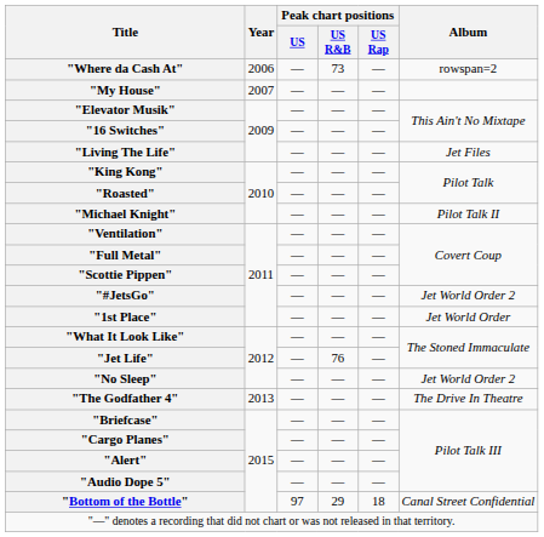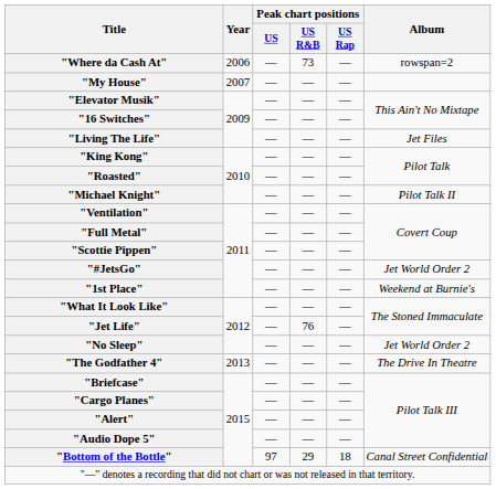 <table class="wikitable plainrowheaders" style="text-align:center;">
 <tr>
 <th scope="col" rowspan="2" style="width:18em;">Title</th>
 <th scope="col" rowspan="2">Year</th>
 <th scope="col" colspan="3">Peak chart positions</th>
 <th scope="col" rowspan="2">Album</th>
 </tr>
 <tr>
 <th scope="col" style="width:3em;font-size:90%;"><a href='#'>US</a><br></th>
 <th scope="col" style="width:3em;font-size:90%;"><a href='#'>US R&B</a><br></th>
 <th scope="col" style="width:3em;font-size:90%;"><a href='#'>US Rap</a><br></th>
 </tr>
 <tr>
 <th scope="row">"Where da Cash At"<br></th>
 <td>2006</td>
 <td>—</td>
 <td>73</td>
 <td>—</td>
 <td>rowspan=2 </td>
 </tr>
 <tr>
 <th scope="row">"My House"<br></th>
 <td>2007</td>
 <td>—</td>
 <td>—</td>
 <td>—</td>
 </tr>
 <tr>
 <th scope="row">"Elevator Musik"</th>
 <td rowspan="3">2009</td>
 <td>—</td>
 <td>—</td>
 <td>—</td>
 <td rowspan="2"><em>This Ain't No Mixtape</em></td>
 </tr>
 <tr>
 <th scope="row">"16 Switches"</th>
 <td>—</td>
 <td>—</td>
 <td>—</td>
 </tr>
 <tr>
 <th scope="row">"Living The Life"</th>
 <td>—</td>
 <td>—</td>
 <td>—</td>
 <td><em>Jet Files</em></td>
 </tr>
 <tr>
 <th scope="row">"King Kong"</th>
 <td rowspan="3">2010</td>
 <td>—</td>
 <td>—</td>
 <td>—</td>
 <td rowspan="2"><em>Pilot Talk</em></td>
 </tr>
 <tr>
 <th scope="row">"Roasted"</th>
 <td>—</td>
 <td>—</td>
 <td>—</td>
 </tr>
 <tr>
 <th scope="row">"Michael Knight"</th>
 <td>—</td>
 <td>—</td>
 <td>—</td>
 <td><em>Pilot Talk II</em></td>
 </tr>
 <tr>
 <th scope="row">"Ventilation"<br></th>
 <td rowspan="5">2011</td>
 <td>—</td>
 <td>—</td>
 <td>—</td>
 <td rowspan="3"><em>Covert Coup</em></td>
 </tr>
 <tr>
 <th scope="row">"Full Metal"<br></th>
 <td>—</td>
 <td>—</td>
 <td>—</td>
 </tr>
 <tr>
 <th scope="row">"Scottie Pippen"<br></th>
 <td>—</td>
 <td>—</td>
 <td>—</td>
 </tr>
 <tr>
 <th scope="row">"#JetsGo"</th>
 <td>—</td>
 <td>—</td>
 <td>—</td>
 <td><em>Jet World Order 2</em></td>
 </tr>
 <tr>
 <th scope="row">"1st Place"<br></th>
 <td>—</td>
 <td>—</td>
 <td>—</td>
-<td><em>Jet World Order</em></td>
+<td><em>Weekend at Burnie's</em></td>
 </tr>
 <tr>
 <th scope="row">"What It Look Like"<br></th>
 <td rowspan="3">2012</td>
 <td>—</td>
 <td>—</td>
 <td>—</td>
 <td rowspan=2><em>The Stoned Immaculate</em></td>
 </tr>
 <tr>
 <th scope="row">"Jet Life"<br></th>
 <td>—</td>
 <td>76</td>
 <td>—</td>
 </tr>
 <tr>
 <th scope="row">"No Sleep"<br></th>
 <td>—</td>
 <td>—</td>
 <td>—</td>
 <td><em>Jet World Order 2</em></td>
 </tr>
 <tr>
 <th scope="row">"The Godfather 4"<br></th>
 <td>2013</td>
 <td>—</td>
 <td>—</td>
 <td>—</td>
 <td><em>The Drive In Theatre</em></td>
 </tr>
 <tr>
 <th scope="row">"Briefcase"</th>
 <td rowspan="5">2015</td>
 <td>—</td>
 <td>—</td>
 <td>—</td>
 <td rowspan="4"><em>Pilot Talk III</em></td>
 </tr>
 <tr>
 <th scope="row">"Cargo Planes"</th>
 <td>—</td>
 <td>—</td>
 <td>—</td>
 </tr>
 <tr>
 <th scope="row">"Alert"<br></th>
 <td>—</td>
 <td>—</td>
 <td>—</td>
 </tr>
 <tr>
 <th scope="row">"Audio Dope 5"</th>
 <td>—</td>
 <td>—</td>
 <td>—</td>
 </tr>
 <tr>
 <th scope="row">"<a href='#'>Bottom of the Bottle</a>"<br></th>
 <td>97</td>
 <td>29</td>
 <td>18</td>
 <td><em>Canal Street Confidential</em></td>
 </tr>
 <tr>
 <td colspan="13" style="font-size:90%">"—" denotes a recording that did not chart or was not released in that territory.</td>
 </tr>
 </table>
